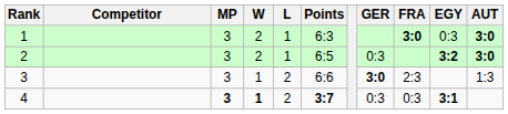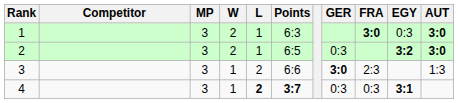 <table class="wikitable" style="text-align:center">
 <tr>
 <th>Rank</th>
 <th style="width:18em">Competitor</th>
 <th style="width:2.5em">MP</th>
 <th style="width:2.5em">W</th>
 <th style="width:2.5em">L</th>
 <th>Points</th>
 <th rowspan="5"> </th>
 <th style="width:2.5em">GER</th>
 <th style="width:2.5em">FRA</th>
 <th style="width:2.5em">EGY</th>
 <th style="width:2.5em">AUT</th>
 </tr>
 <tr style="background:#cfc;">
 <td>1</td>
 <td style="text-align:left"></td>
 <td>3</td>
 <td>2</td>
 <td>1</td>
 <td>6:3</td>
 <td></td>
 <td><strong>3:0</strong></td>
 <td>0:3</td>
 <td><strong>3:0</strong></td>
 </tr>
 <tr style="background:#cfc;">
 <td>2</td>
 <td style="text-align:left"></td>
 <td>3</td>
 <td>2</td>
 <td>1</td>
 <td>6:5</td>
 <td>0:3</td>
 <td></td>
 <td><strong>3:2</strong></td>
 <td><strong>3:0</strong></td>
 </tr>
 <tr>
 <td>3</td>
 <td style="text-align:left"></td>
 <td>3</td>
 <td>1</td>
 <td>2</td>
 <td>6:6</td>
 <td><strong>3:0</strong></td>
 <td>2:3</td>
 <td></td>
 <td>1:3</td>
 </tr>
 <tr>
 <td>4</td>
 <td style="text-align:left"></td>
-<td><strong>3</strong></td>
-<td><strong>1</strong></td>
-<td>2</td>
+<td>3</td>
+<td>1</td>
+<td><strong>2</strong></td>
 <td><strong>3:7</strong></td>
 <td>0:3</td>
 <td>0:3</td>
 <td><strong>3:1</strong></td>
 <td></td>
 </tr>
 </table>
